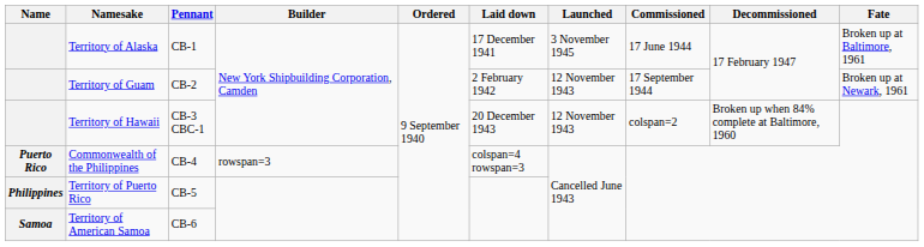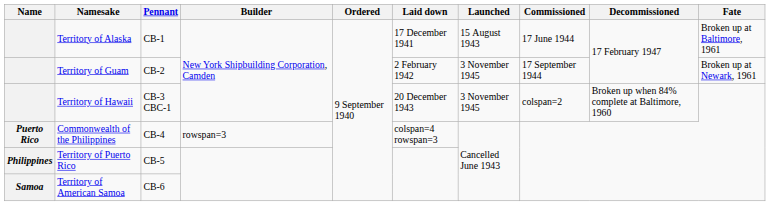 <table class="sortable wikitable plainrowheaders">
 <tr>
 <th scope="col">Name</th>
 <th scope="col" class="unsortable">Namesake</th>
 <th scope="col"><a href='#'>Pennant</a></th>
 <th scope="col" style="width:20%;">Builder</th>
 <th scope="col" data-sort-type="date">Ordered</th>
 <th scope="col" data-sort-type="date">Laid down</th>
 <th scope="col" data-sort-type="date">Launched</th>
 <th scope="col" data-sort-type="date">Commissioned</th>
 <th scope="col" data-sort-type="date">Decommissioned</th>
 <th scope="col" class="unsortable">Fate</th>
 </tr>
 <tr>
 <th scope="row"></th>
 <td><a href='#'>Territory of Alaska</a></td>
 <td>CB-1</td>
 <td rowspan=3><a href='#'>New York Shipbuilding Corporation</a>, <a href='#'>Camden</a></td>
 <td rowspan=6>9 September 1940</td>
 <td>17 December 1941</td>
-<td>3 November 1945</td>
+<td>15 August 1943</td>
 <td>17 June 1944</td>
 <td rowspan=2>17 February 1947</td>
 <td>Broken up at <a href='#'>Baltimore</a>, 1961</td>
 </tr>
 <tr>
 <th scope="row"></th>
 <td><a href='#'>Territory of Guam</a></td>
 <td>CB-2</td>
 <td>2 February 1942</td>
-<td>12 November 1943</td>
+<td>3 November 1945</td>
 <td>17 September 1944</td>
 <td>Broken up at <a href='#'>Newark</a>, 1961</td>
 </tr>
 <tr>
 <th scope="row"></th>
 <td><a href='#'>Territory of Hawaii</a></td>
 <td>CB-3<br>CBC-1</td>
 <td>20 December 1943</td>
-<td>12 November 1943</td>
+<td>3 November 1945</td>
 <td>colspan=2</td>
 <td>Broken up when 84% complete at Baltimore, 1960</td>
 </tr>
 <tr>
 <th scope="row"><em>Puerto Rico</em></th>
 <td><a href='#'>Commonwealth of the Philippines</a></td>
 <td>CB-4</td>
 <td>rowspan=3 </td>
 <td>colspan=4 rowspan=3 </td>
 <td rowspan=3>Cancelled June 1943</td>
 </tr>
 <tr>
 <th scope="row"><em>Philippines</em></th>
 <td><a href='#'>Territory of Puerto Rico</a></td>
 <td>CB-5</td>
 </tr>
 <tr>
 <th scope="row"><em>Samoa</em></th>
 <td><a href='#'>Territory of American Samoa</a></td>
 <td>CB-6</td>
 </tr>
 </table>
